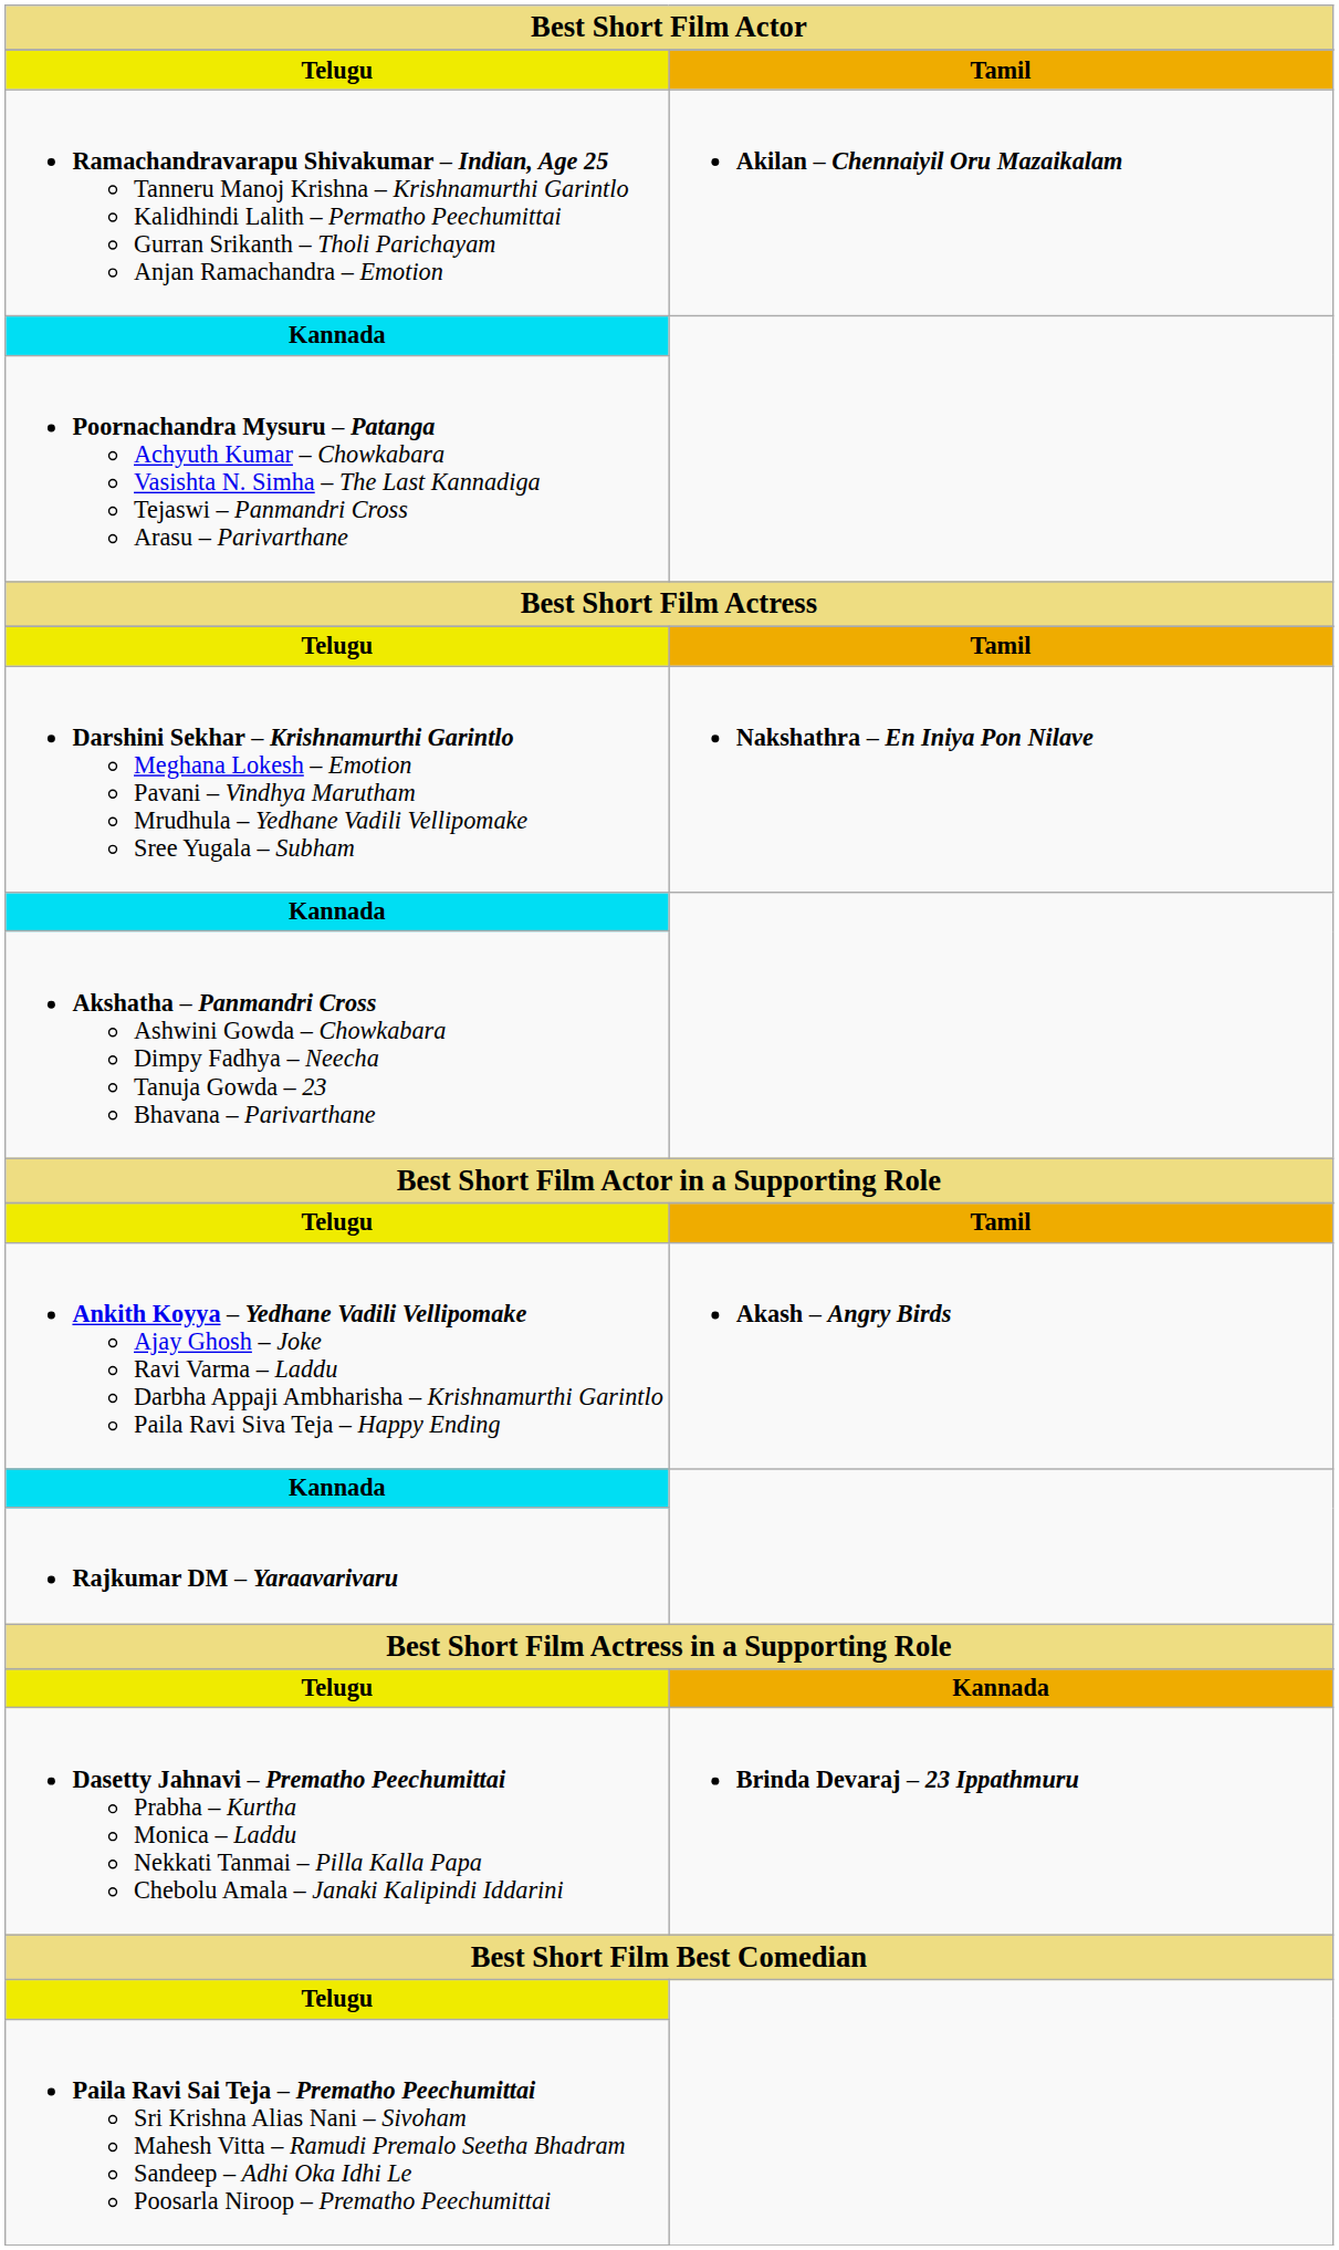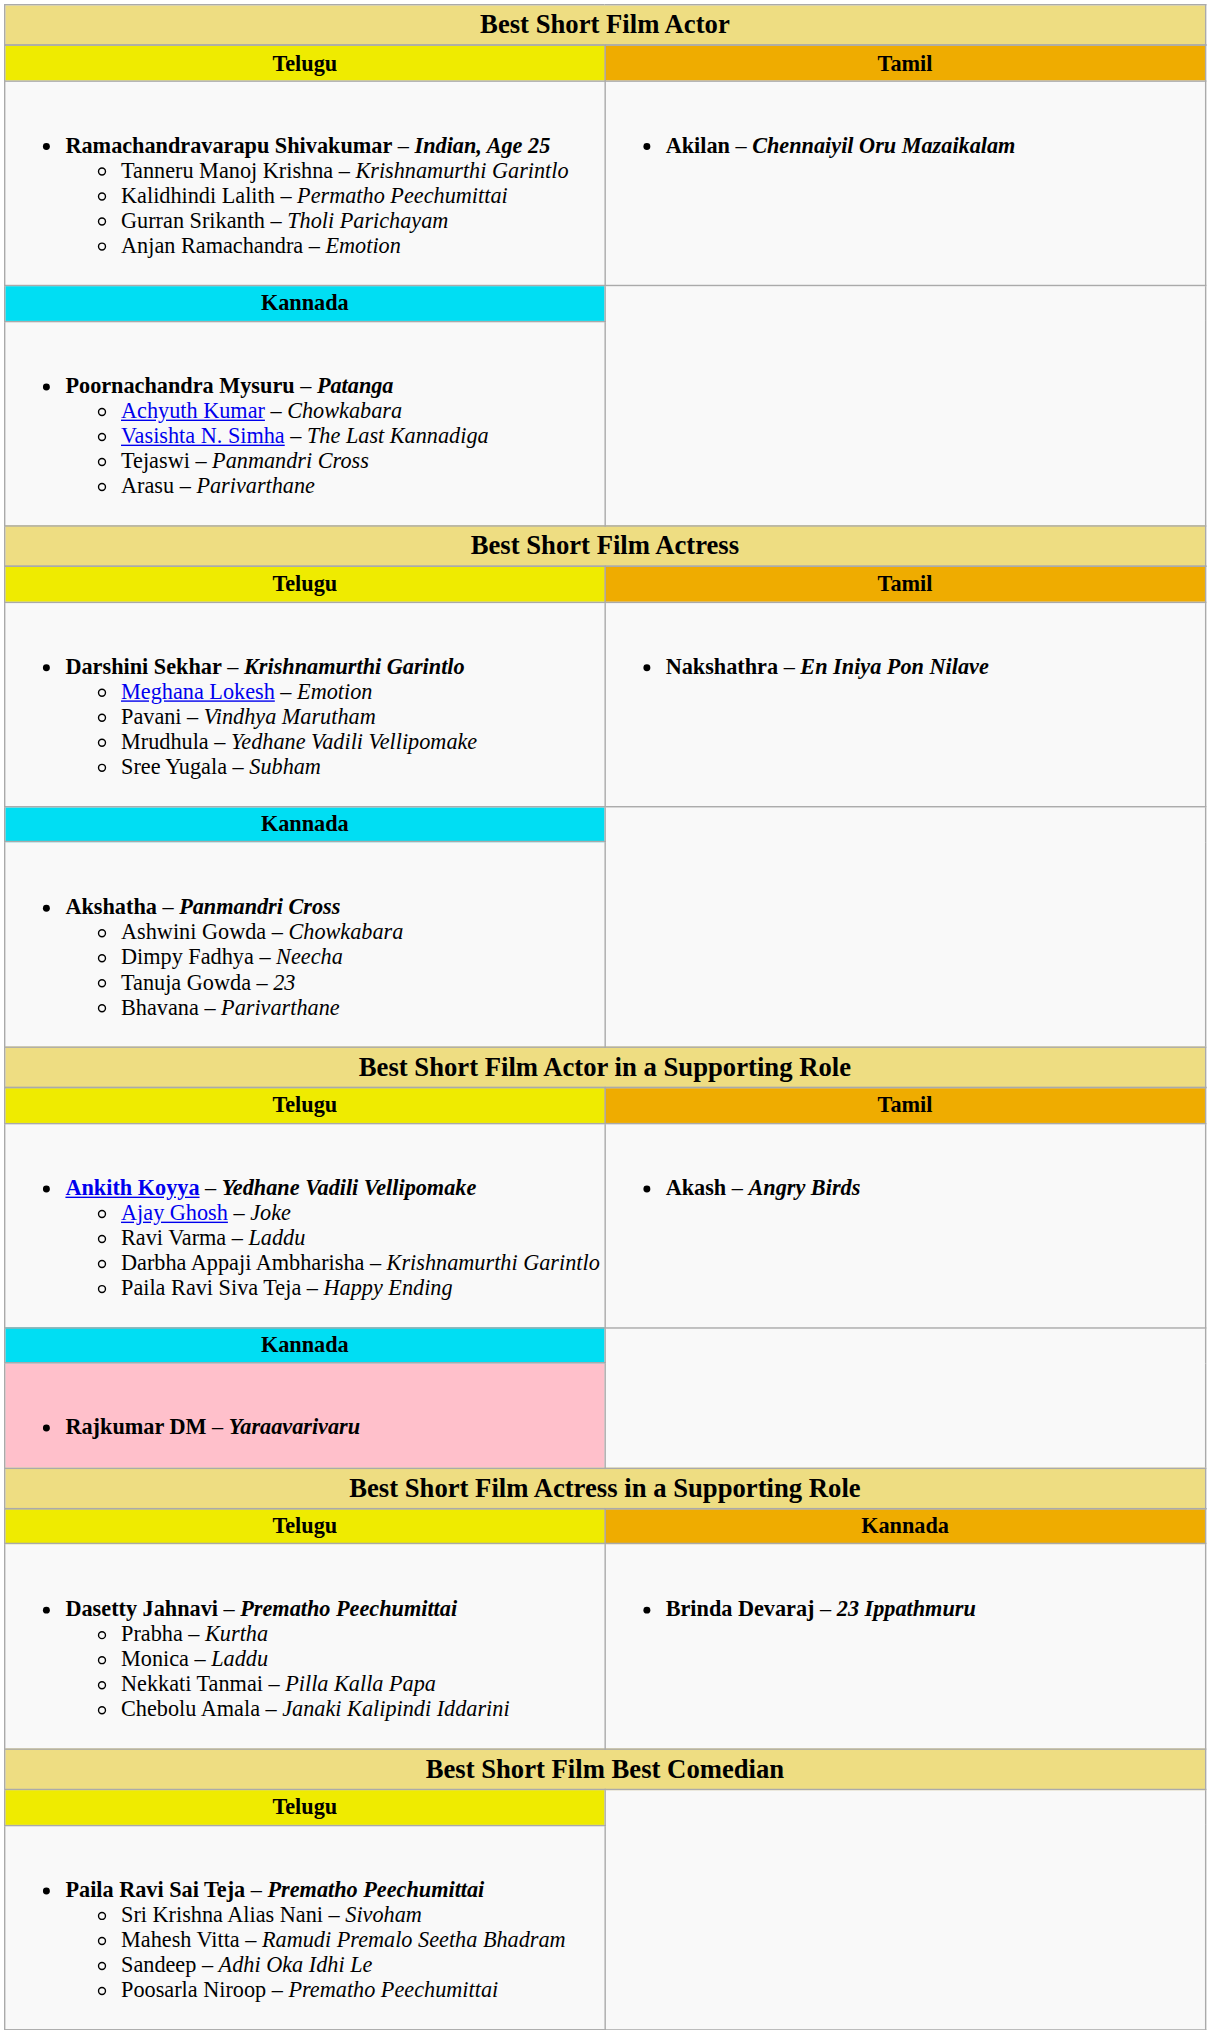 <table class="wikitable">
 <tr>
 <th colspan="2" rowspan="1" style="background:#EEDD82;"><big><strong>Best Short Film Actor</strong></big></th>
 </tr>
 <tr>
 </tr>
 <tr>
 <th style="background:#efeb00; width: 50%">Telugu</th>
 <th style="background:#efac00;">Tamil</th>
 </tr>
 <tr>
 <td valign="top"><br><ul><li><strong>Ramachandravarapu Shivakumar</strong> – <strong><em>Indian, Age 25</em></strong><ul><li>Tanneru Manoj Krishna – <em>Krishnamurthi Garintlo</em></li><li>Kalidhindi Lalith – <em>Permatho Peechumittai</em></li><li>Gurran Srikanth – <em>Tholi Parichayam</em></li><li>Anjan Ramachandra – <em>Emotion</em></li></ul></li></ul></td>
 <td valign="top"><br><ul><li><strong>Akilan</strong> – <strong><em>Chennaiyil Oru Mazaikalam</em></strong></li></ul></td>
 </tr>
 <tr>
 <th style="background:#00def3;" align="center">Kannada</th>
 </tr>
 <tr>
 <td><br><ul><li><strong>Poornachandra Mysuru</strong> – <strong><em>Patanga</em></strong><ul><li><a href='#'>Achyuth Kumar</a> – <em>Chowkabara</em></li><li><a href='#'>Vasishta N. Simha</a> – <em>The Last Kannadiga</em></li><li>Tejaswi – <em>Panmandri Cross</em></li><li>Arasu – <em>Parivarthane</em></li></ul></li></ul></td>
 </tr>
 <tr>
 <th colspan="2" rowspan="1" style="background:#EEDD82;"><big><strong>Best Short Film Actress</strong></big></th>
 </tr>
 <tr>
 </tr>
 <tr>
 <th style="background:#efeb00; width: 50%">Telugu</th>
 <th style="background:#efac00;">Tamil</th>
 </tr>
 <tr>
 <td valign="top"><br><ul><li><strong>Darshini Sekhar</strong> – <strong><em>Krishnamurthi Garintlo</em></strong><ul><li><a href='#'>Meghana Lokesh</a> – <em>Emotion</em></li><li>Pavani – <em>Vindhya Marutham</em></li><li>Mrudhula – <em>Yedhane Vadili Vellipomake</em></li><li>Sree Yugala – <em>Subham</em></li></ul></li></ul></td>
 <td valign="top"><br><ul><li><strong>Nakshathra</strong> – <strong><em>En Iniya Pon Nilave</em></strong></li></ul></td>
 </tr>
 <tr>
 <th style="background:#00def3;" align="center">Kannada</th>
 </tr>
 <tr>
 <td><br><ul><li><strong>Akshatha</strong> – <strong><em>Panmandri Cross</em></strong><ul><li>Ashwini Gowda  – <em>Chowkabara</em></li><li>Dimpy Fadhya – <em>Neecha</em></li><li>Tanuja Gowda – <em>23</em></li><li>Bhavana – <em>Parivarthane</em></li></ul></li></ul></td>
 </tr>
 <tr>
 <th colspan="2" rowspan="1" style="background:#EEDD82;"><big><strong>Best Short Film Actor in a Supporting Role</strong></big></th>
 </tr>
 <tr>
 </tr>
 <tr>
 <th style="background:#efeb00; width: 50%">Telugu</th>
 <th style="background:#efac00;">Tamil</th>
 </tr>
 <tr>
 <td valign="top"><br><ul><li><strong><a href='#'>Ankith Koyya</a></strong> – <strong><em>Yedhane Vadili Vellipomake</em></strong><ul><li><a href='#'>Ajay Ghosh</a> – <em>Joke</em></li><li>Ravi Varma – <em>Laddu</em></li><li>Darbha Appaji Ambharisha – <em>Krishnamurthi Garintlo</em></li><li>Paila Ravi Siva Teja – <em>Happy Ending</em></li></ul></li></ul></td>
 <td valign="top"><br><ul><li><strong>Akash</strong> – <strong><em>Angry Birds</em></strong></li></ul></td>
 </tr>
 <tr>
 <th style="background:#00def3;" align="center">Kannada</th>
 </tr>
 <tr>
-<td><br><ul><li><strong>Rajkumar DM</strong> – <strong><em>Yaraavarivaru</em></strong></li></ul></td>
+<td style="background: pink;"><br><ul><li><strong>Rajkumar DM</strong> – <strong><em>Yaraavarivaru</em></strong></li></ul></td>
 </tr>
 <tr>
 <th colspan="2" rowspan="1" style="background:#EEDD82;"><big><strong>Best Short Film Actress in a Supporting Role</strong></big></th>
 </tr>
 <tr>
 </tr>
 <tr>
 <th style="background:#efeb00; width: 50%">Telugu</th>
 <th style="background:#efac00;">Kannada</th>
 </tr>
 <tr>
 <td valign="top"><br><ul><li><strong>Dasetty Jahnavi</strong> – <strong><em>Prematho Peechumittai</em></strong><ul><li>Prabha – <em>Kurtha</em></li><li>Monica – <em>Laddu</em></li><li>Nekkati Tanmai – <em>Pilla Kalla Papa</em></li><li>Chebolu Amala – <em>Janaki Kalipindi Iddarini</em></li></ul></li></ul></td>
 <td valign="top"><br><ul><li><strong>Brinda Devaraj</strong> – <strong><em>23 Ippathmuru</em></strong></li></ul></td>
 </tr>
 <tr>
 <th colspan="2" rowspan="1" style="background:#EEDD82;"><big><strong>Best Short Film Best Comedian</strong></big></th>
 </tr>
 <tr>
 <th style="background:#efeb00; width: 50%">Telugu</th>
 </tr>
 <tr>
 <td valign="top"><br><ul><li><strong>Paila Ravi Sai Teja</strong> – <strong><em>Prematho Peechumittai</em></strong><ul><li>Sri Krishna Alias Nani – <em>Sivoham</em></li><li>Mahesh Vitta – <em>Ramudi Premalo Seetha Bhadram</em></li><li>Sandeep – <em>Adhi Oka Idhi Le</em></li><li>Poosarla Niroop – <em>Prematho Peechumittai</em></li></ul></li></ul></td>
 </tr>
 <tr>
 </tr>
 </table>
